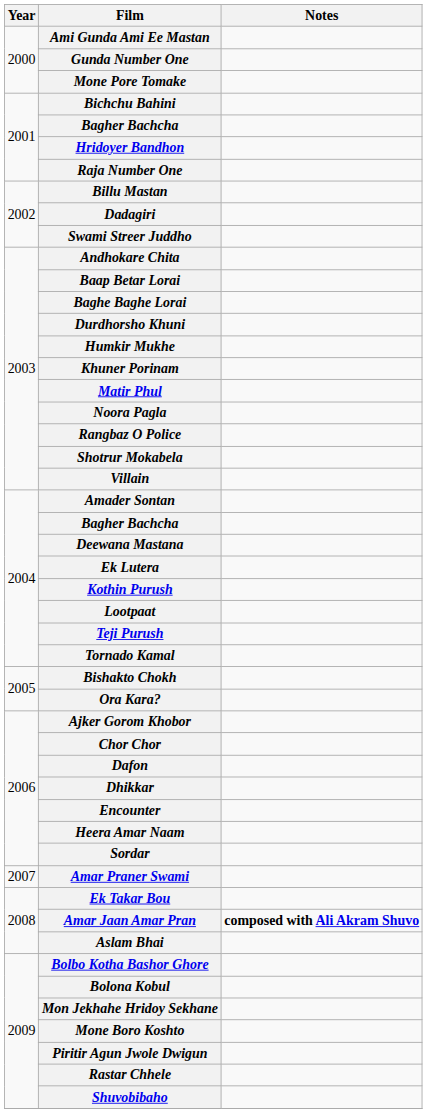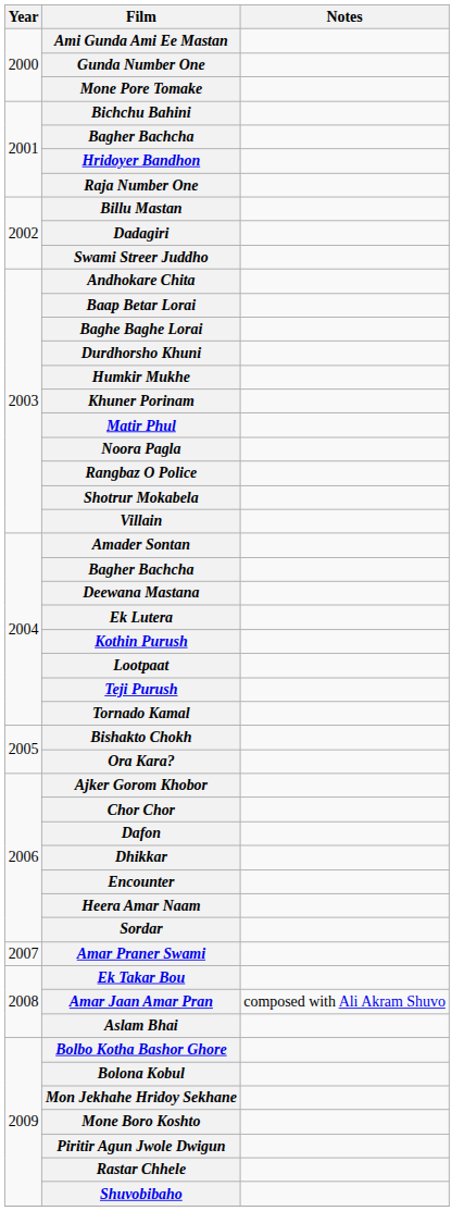 <table class="wikitable sortable">
 <tr>
 <th>Year</th>
 <th>Film</th>
 <th>Notes</th>
 </tr>
 <tr>
 <td rowspan=3>2000</td>
 <th><em>Ami Gunda Ami Ee Mastan</em></th>
 <td></td>
 </tr>
 <tr>
 <th><em>Gunda Number One</em></th>
 <td></td>
 </tr>
 <tr>
 <th><em>Mone Pore Tomake</em></th>
 <td></td>
 </tr>
 <tr>
 <td rowspan=4>2001</td>
 <th><em>Bichchu Bahini</em></th>
 <td></td>
 </tr>
 <tr>
 <th><em>Bagher Bachcha</em></th>
 <td></td>
 </tr>
 <tr>
 <th><em><a href='#'>Hridoyer Bandhon</a></em></th>
 <td></td>
 </tr>
 <tr>
 <th><em>Raja Number One</em></th>
 <td></td>
 </tr>
 <tr>
 <td rowspan=3>2002</td>
 <th><em>Billu Mastan</em></th>
 <td></td>
 </tr>
 <tr>
 <th><em>Dadagiri</em></th>
 <td></td>
 </tr>
 <tr>
 <th><em>Swami Streer Juddho</em></th>
 <td></td>
 </tr>
 <tr>
 <td rowspan=11>2003</td>
 <th><em>Andhokare Chita</em></th>
 <td></td>
 </tr>
 <tr>
 <th><em>Baap Betar Lorai</em></th>
 <td></td>
 </tr>
 <tr>
 <th><em>Baghe Baghe Lorai</em></th>
 <td></td>
 </tr>
 <tr>
 <th><em>Durdhorsho Khuni</em></th>
 <td></td>
 </tr>
 <tr>
 <th><em>Humkir Mukhe</em></th>
 <td></td>
 </tr>
 <tr>
 <th><em>Khuner Porinam</em></th>
 <td></td>
 </tr>
 <tr>
 <th><em><a href='#'>Matir Phul</a></em></th>
 <td></td>
 </tr>
 <tr>
 <th><em>Noora Pagla</em></th>
 <td></td>
 </tr>
 <tr>
 <th><em>Rangbaz O Police</em></th>
 <td></td>
 </tr>
 <tr>
 <th><em>Shotrur Mokabela</em></th>
 <td></td>
 </tr>
 <tr>
 <th><em>Villain</em></th>
 <td></td>
 </tr>
 <tr>
 <td rowspan=8>2004</td>
 <th><em>Amader Sontan</em></th>
 <td></td>
 </tr>
 <tr>
 <th><em>Bagher Bachcha</em></th>
 <td></td>
 </tr>
 <tr>
 <th><em>Deewana Mastana</em></th>
 <td></td>
 </tr>
 <tr>
 <th><em>Ek Lutera</em></th>
 <td></td>
 </tr>
 <tr>
 <th><em><a href='#'>Kothin Purush</a></em></th>
 <td></td>
 </tr>
 <tr>
 <th><em>Lootpaat</em></th>
 <td></td>
 </tr>
 <tr>
 <th><em><a href='#'>Teji Purush</a></em></th>
 <td></td>
 </tr>
 <tr>
 <th><em>Tornado Kamal</em></th>
 <td></td>
 </tr>
 <tr>
 <td rowspan=2>2005</td>
 <th><em>Bishakto Chokh</em></th>
 <td></td>
 </tr>
 <tr>
 <th><em>Ora Kara?</em></th>
 <td></td>
 </tr>
 <tr>
 <td rowspan=7>2006</td>
 <th><em>Ajker Gorom Khobor</em></th>
 <td></td>
 </tr>
 <tr>
 <th><em>Chor Chor</em></th>
 <td></td>
 </tr>
 <tr>
 <th><em>Dafon</em></th>
 <td></td>
 </tr>
 <tr>
 <th><em>Dhikkar</em></th>
 <td></td>
 </tr>
 <tr>
 <th><em>Encounter</em></th>
 <td></td>
 </tr>
 <tr>
 <th><em>Heera Amar Naam</em></th>
 <td></td>
 </tr>
 <tr>
 <th><em>Sordar</em></th>
 <td></td>
 </tr>
 <tr>
 <td>2007</td>
 <th><em><a href='#'>Amar Praner Swami</a></em></th>
 <td></td>
 </tr>
 <tr>
 <td rowspan=3>2008</td>
 <th><em><a href='#'>Ek Takar Bou</a></em></th>
 <td></td>
 </tr>
 <tr>
 <th><em><a href='#'>Amar Jaan Amar Pran</a></em></th>
-<td><strong>composed with <a href='#'>Ali Akram Shuvo</a></strong></td>
+<td>composed with <a href='#'>Ali Akram Shuvo</a></td>
 </tr>
 <tr>
 <th><em>Aslam Bhai</em></th>
 <td></td>
 </tr>
 <tr>
 <td rowspan=7>2009</td>
 <th><em><a href='#'>Bolbo Kotha Bashor Ghore</a></em></th>
 <td></td>
 </tr>
 <tr>
 <th><em>Bolona Kobul</em></th>
 <td></td>
 </tr>
 <tr>
 <th><em>Mon Jekhahe Hridoy Sekhane</em></th>
 <td></td>
 </tr>
 <tr>
 <th><em>Mone Boro Koshto</em></th>
 <td></td>
 </tr>
 <tr>
 <th><em>Piritir Agun Jwole Dwigun</em></th>
 <td></td>
 </tr>
 <tr>
 <th><em>Rastar Chhele</em></th>
 <td></td>
 </tr>
 <tr>
 <th><em><a href='#'>Shuvobibaho</a></em></th>
 <td></td>
 </tr>
 <tr>
 </tr>
 </table>
